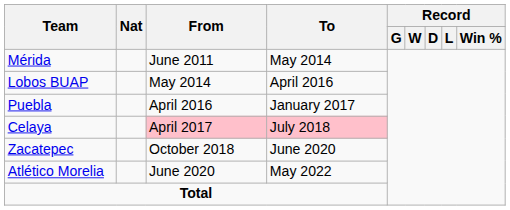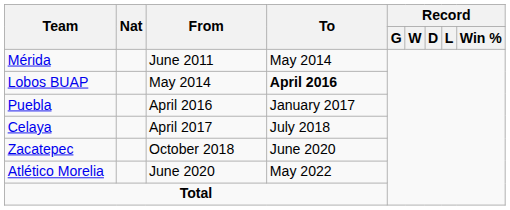 <table class="wikitable" style="text-align: center">
 <tr>
 <th rowspan=2 style="width:120px;">Team</th>
 <th rowspan=2 style="width:10px;">Nat</th>
 <th rowspan=2 style="width:130px;">From</th>
 <th rowspan=2 style="width:130px;">To</th>
 <th colspan=8>Record</th>
 </tr>
 <tr>
 <th>G</th>
 <th>W</th>
 <th>D</th>
 <th>L</th>
 <th>Win %</th>
 </tr>
 <tr>
 <td style="text-align:left;"><a href='#'>Mérida</a></td>
 <td></td>
 <td style="text-align:left;">June 2011</td>
 <td align="left">May 2014<br></td>
 </tr>
 <tr>
 <td style="text-align:left;"><a href='#'>Lobos BUAP</a></td>
 <td></td>
 <td style="text-align:left;">May 2014</td>
-<td align="left">April 2016<br></td>
+<td align="left"><strong>April 2016<br></strong></td>
 </tr>
 <tr>
 <td style="text-align:left;"><a href='#'>Puebla</a></td>
 <td></td>
 <td style="text-align:left;">April 2016</td>
 <td align="left">January 2017<br></td>
 </tr>
 <tr>
 <td style="text-align:left;"><a href='#'>Celaya</a></td>
 <td></td>
-<td style="background: pink; text-align:left;">April 2017</td>
-<td align="left" style="background: pink;">July 2018<br></td>
+<td style="text-align:left;">April 2017</td>
+<td align="left">July 2018<br></td>
 </tr>
 <tr>
 <td style="text-align:left;"><a href='#'>Zacatepec</a></td>
 <td></td>
 <td style="text-align:left;">October 2018</td>
 <td align="left">June 2020<br></td>
 </tr>
 <tr>
 <td style="text-align:left;"><a href='#'>Atlético Morelia</a></td>
 <td></td>
 <td style="text-align:left;">June 2020</td>
 <td align="left">May 2022<br></td>
 </tr>
 <tr>
 <td colspan="4"><strong>Total</strong><br></td>
 </tr>
 </table>
